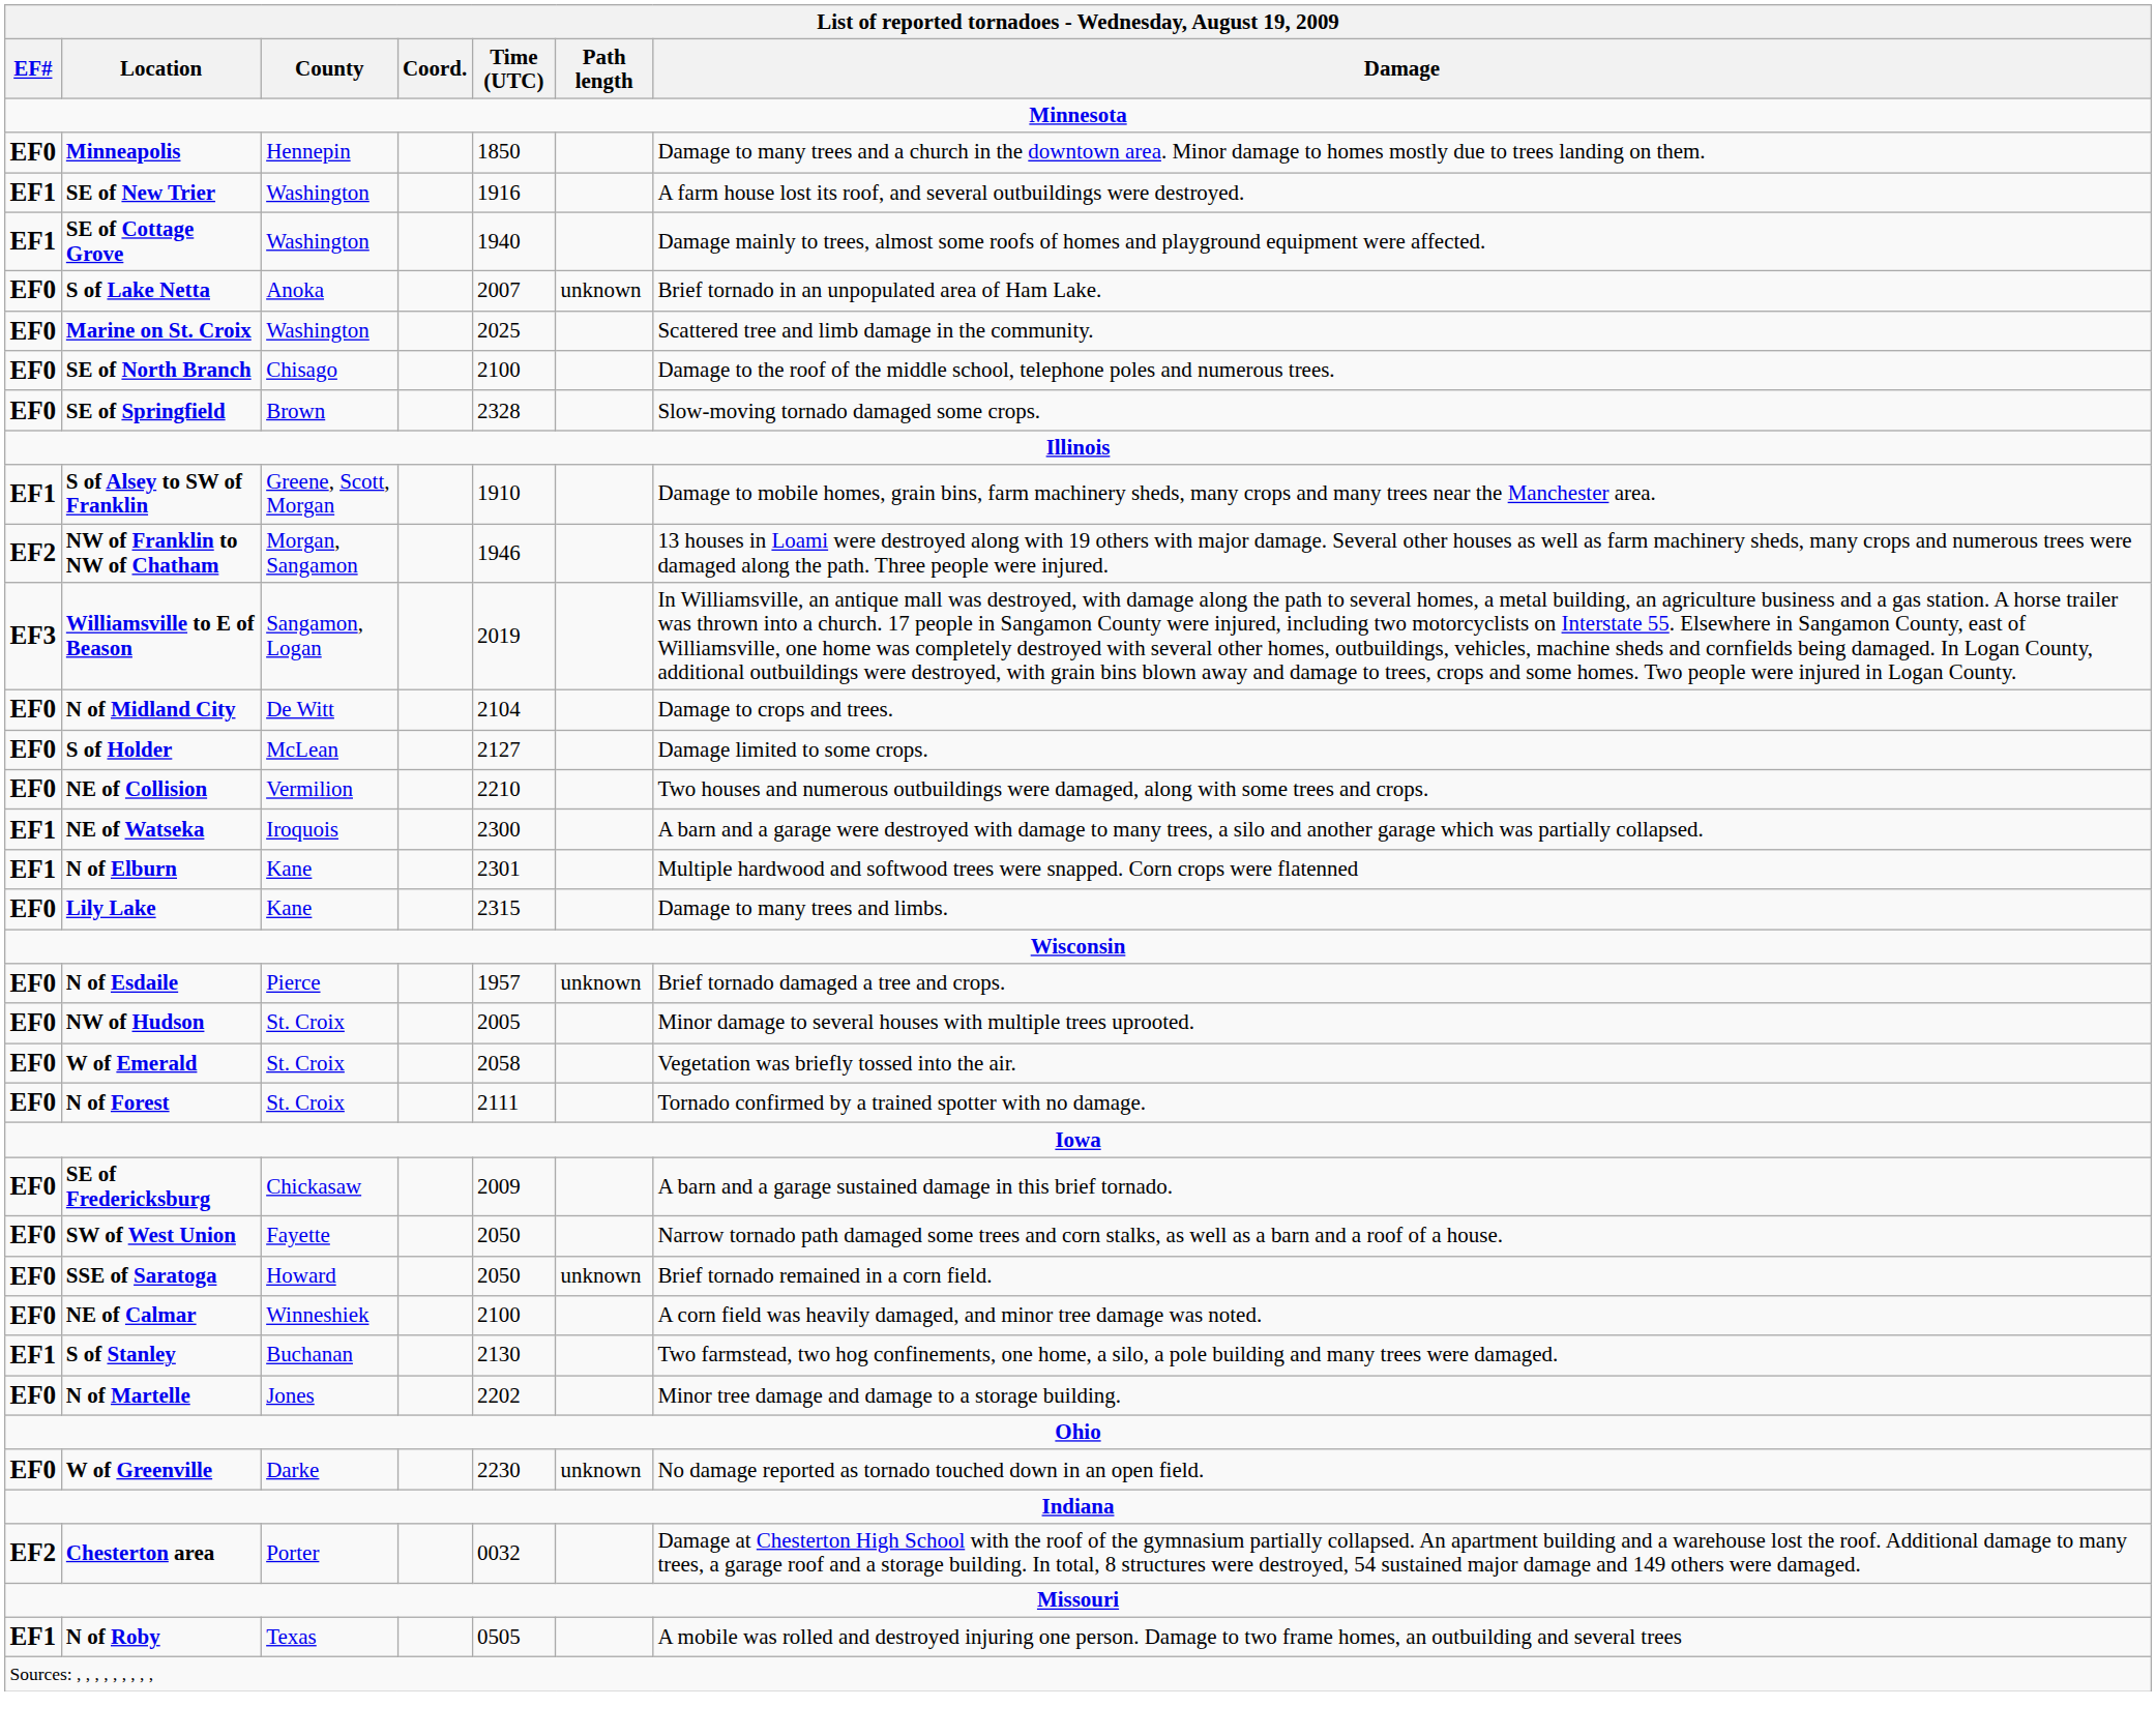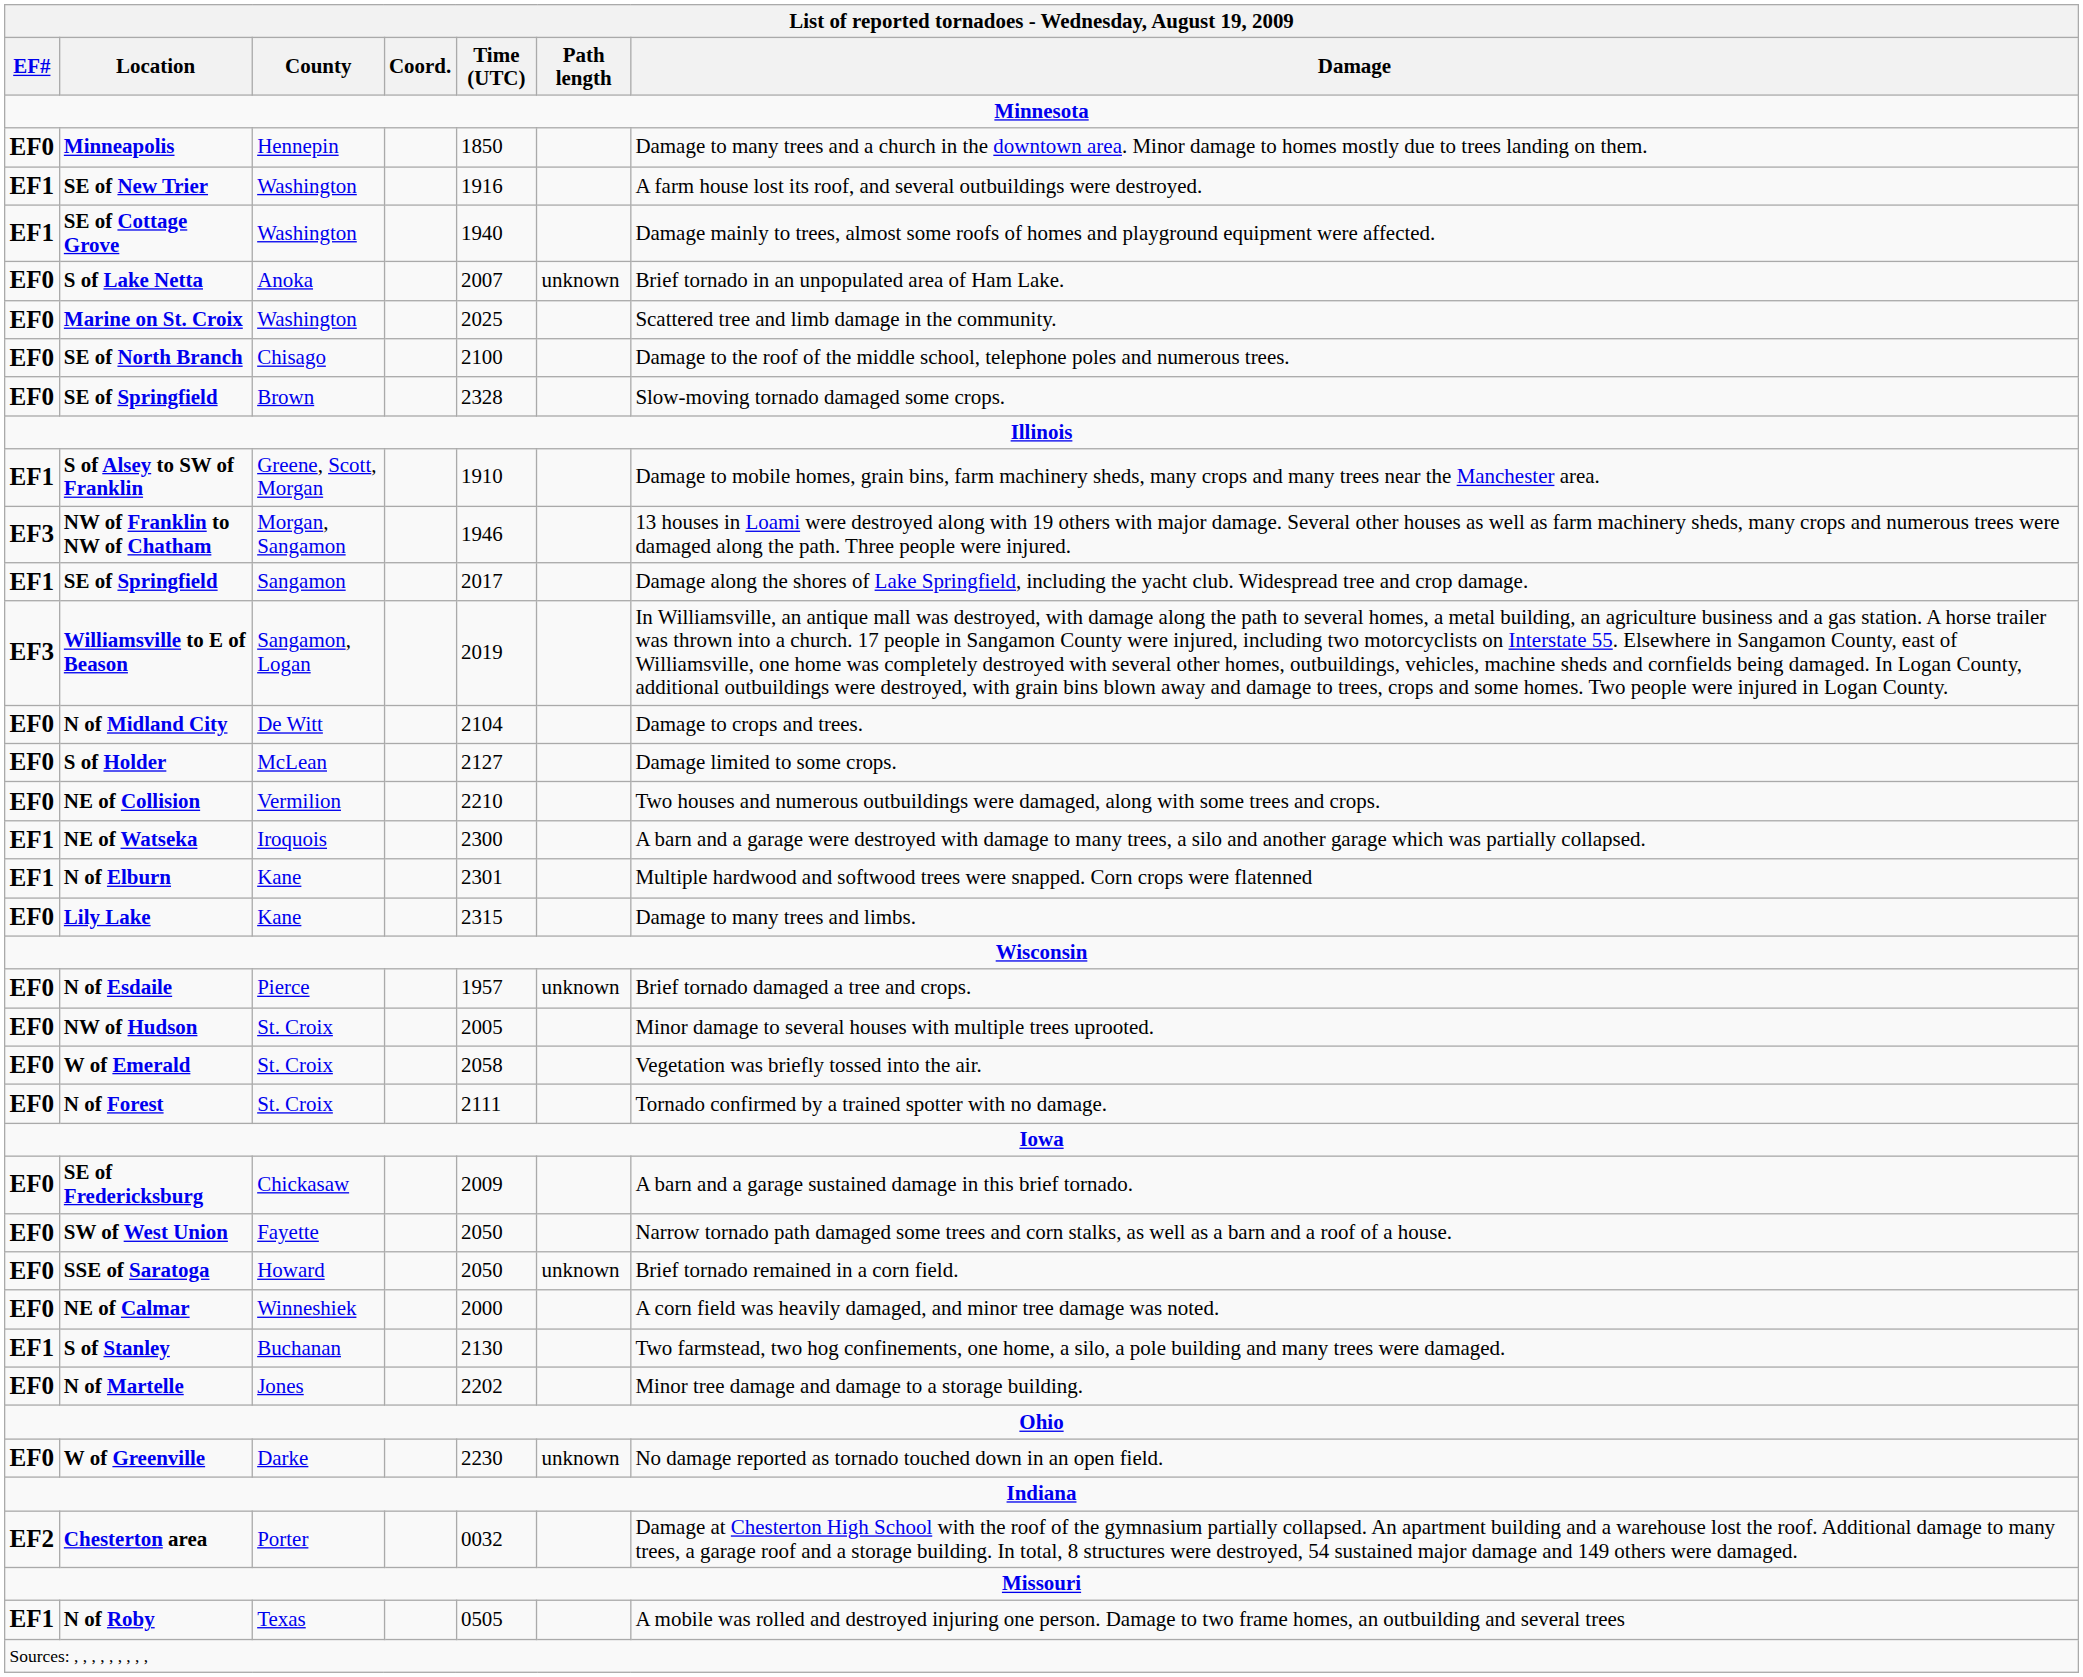 <table class="wikitable collapsible" style="width:100%;">
 <tr>
 <th colspan="7">List of reported tornadoes - Wednesday, August 19, 2009</th>
 </tr>
 <tr>
 <th><a href='#'>EF#</a></th>
 <th>Location</th>
 <th>County</th>
 <th>Coord.</th>
 <th>Time (UTC)</th>
 <th>Path length</th>
 <th>Damage</th>
 </tr>
 <tr>
 <td colspan="7" style="text-align:center;"><strong><a href='#'>Minnesota</a></strong></td>
 </tr>
 <tr>
 <td><big><strong>EF0</strong></big></td>
 <td><strong><a href='#'>Minneapolis</a></strong></td>
 <td><a href='#'>Hennepin</a></td>
 <td></td>
 <td>1850</td>
 <td></td>
 <td>Damage to many trees and a church in the <a href='#'>downtown area</a>. Minor damage to homes mostly due to trees landing on them.</td>
 </tr>
 <tr>
 <td><big><strong>EF1</strong></big></td>
 <td><strong>SE of <a href='#'>New Trier</a></strong></td>
 <td><a href='#'>Washington</a></td>
 <td></td>
 <td>1916</td>
 <td></td>
 <td>A farm house lost its roof, and several outbuildings were destroyed.</td>
 </tr>
 <tr>
 <td><big><strong>EF1</strong></big></td>
 <td><strong>SE of <a href='#'>Cottage Grove</a></strong></td>
 <td><a href='#'>Washington</a></td>
 <td></td>
 <td>1940</td>
 <td></td>
 <td>Damage mainly to trees, almost some roofs of homes and playground equipment were affected.</td>
 </tr>
 <tr>
 <td><big><strong>EF0</strong></big></td>
 <td><strong>S of <a href='#'>Lake Netta</a></strong></td>
 <td><a href='#'>Anoka</a></td>
 <td></td>
 <td>2007</td>
 <td>unknown</td>
 <td>Brief tornado in an unpopulated area of Ham Lake.</td>
 </tr>
 <tr>
 <td><big><strong>EF0</strong></big></td>
 <td><strong><a href='#'>Marine on St. Croix</a></strong></td>
 <td><a href='#'>Washington</a></td>
 <td></td>
 <td>2025</td>
 <td></td>
 <td>Scattered tree and limb damage in the community.</td>
 </tr>
 <tr>
 <td><big><strong>EF0</strong></big></td>
 <td><strong>SE of <a href='#'>North Branch</a></strong></td>
 <td><a href='#'>Chisago</a></td>
 <td></td>
 <td>2100</td>
 <td></td>
 <td>Damage to the roof of the middle school, telephone poles and numerous trees.</td>
 </tr>
 <tr>
 <td><big><strong>EF0</strong></big></td>
 <td><strong>SE of <a href='#'>Springfield</a></strong></td>
 <td><a href='#'>Brown</a></td>
 <td></td>
 <td>2328</td>
 <td></td>
 <td>Slow-moving tornado damaged some crops.</td>
 </tr>
 <tr>
 <td colspan="7" style="text-align:center;"><strong><a href='#'>Illinois</a></strong></td>
 </tr>
 <tr>
 <td><big><strong>EF1</strong></big></td>
 <td><strong>S of <a href='#'>Alsey</a> to SW of <a href='#'>Franklin</a></strong></td>
 <td><a href='#'>Greene</a>, <a href='#'>Scott</a>, <a href='#'>Morgan</a></td>
 <td></td>
 <td>1910</td>
 <td></td>
 <td>Damage to mobile homes, grain bins, farm machinery sheds, many crops and many trees near the <a href='#'>Manchester</a> area.</td>
 </tr>
 <tr>
-<td><big><strong>EF2</strong></big></td>
+<td><big><strong>EF3</strong></big></td>
 <td><strong>NW of <a href='#'>Franklin</a> to NW of <a href='#'>Chatham</a></strong></td>
 <td><a href='#'>Morgan</a>, <a href='#'>Sangamon</a></td>
 <td></td>
 <td>1946</td>
 <td></td>
 <td>13 houses in <a href='#'>Loami</a> were destroyed along with 19 others with major damage. Several other houses as well as farm machinery sheds, many crops and numerous trees were damaged along the path. Three people were injured.</td>
+</tr>
+<tr>
+<td><big><strong>EF1</strong></big></td>
+<td><strong>SE of <a href='#'>Springfield</a></strong></td>
+<td><a href='#'>Sangamon</a></td>
+<td></td>
+<td>2017</td>
+<td></td>
+<td>Damage along the shores of <a href='#'>Lake Springfield</a>, including the yacht club. Widespread tree and crop damage.</td>
 </tr>
 <tr>
 <td><big><strong>EF3</strong></big></td>
 <td><strong><a href='#'>Williamsville</a> to E of <a href='#'>Beason</a></strong></td>
 <td><a href='#'>Sangamon</a>, <a href='#'>Logan</a></td>
 <td></td>
 <td>2019</td>
 <td></td>
 <td>In Williamsville, an antique mall was destroyed, with damage along the path to several homes, a metal building, an agriculture business and a gas station. A horse trailer was thrown into a church. 17 people in Sangamon County were injured, including two motorcyclists on <a href='#'>Interstate 55</a>. Elsewhere in Sangamon County, east of Williamsville, one home was completely destroyed with several other homes, outbuildings, vehicles, machine sheds and cornfields being damaged. In Logan County, additional outbuildings were destroyed, with grain bins blown away and damage to trees, crops and some homes. Two people were injured in Logan County.</td>
 </tr>
 <tr>
 <td><big><strong>EF0</strong></big></td>
 <td><strong>N of <a href='#'>Midland City</a></strong></td>
 <td><a href='#'>De Witt</a></td>
 <td></td>
 <td>2104</td>
 <td></td>
 <td>Damage to crops and trees.</td>
 </tr>
 <tr>
 <td><big><strong>EF0</strong></big></td>
 <td><strong>S of <a href='#'>Holder</a></strong></td>
 <td><a href='#'>McLean</a></td>
 <td></td>
 <td>2127</td>
 <td></td>
 <td>Damage limited to some crops.</td>
 </tr>
 <tr>
 <td><big><strong>EF0</strong></big></td>
 <td><strong>NE of <a href='#'>Collision</a></strong></td>
 <td><a href='#'>Vermilion</a></td>
 <td></td>
 <td>2210</td>
 <td></td>
 <td>Two houses and numerous outbuildings were damaged, along with some trees and crops.</td>
 </tr>
 <tr>
 <td><big><strong>EF1</strong></big></td>
 <td><strong>NE of <a href='#'>Watseka</a></strong></td>
 <td><a href='#'>Iroquois</a></td>
 <td></td>
 <td>2300</td>
 <td></td>
 <td>A barn and a garage were destroyed with damage to many trees, a silo and another garage which was partially collapsed.</td>
 </tr>
 <tr>
 <td><big><strong>EF1</strong></big></td>
 <td><strong>N of <a href='#'>Elburn</a></strong></td>
 <td><a href='#'>Kane</a></td>
 <td></td>
 <td>2301</td>
 <td></td>
 <td>Multiple hardwood and softwood trees were snapped. Corn crops were flatenned</td>
 </tr>
 <tr>
 <td><big><strong>EF0</strong></big></td>
 <td><strong><a href='#'>Lily Lake</a></strong></td>
 <td><a href='#'>Kane</a></td>
 <td></td>
 <td>2315</td>
 <td></td>
 <td>Damage to many trees and limbs.</td>
 </tr>
 <tr>
 <td colspan="7" style="text-align:center;"><strong><a href='#'>Wisconsin</a></strong></td>
 </tr>
 <tr>
 <td><big><strong>EF0</strong></big></td>
 <td><strong>N of <a href='#'>Esdaile</a></strong></td>
 <td><a href='#'>Pierce</a></td>
 <td></td>
 <td>1957</td>
 <td>unknown</td>
 <td>Brief tornado damaged a tree and crops.</td>
 </tr>
 <tr>
 <td><big><strong>EF0</strong></big></td>
 <td><strong>NW of <a href='#'>Hudson</a></strong></td>
 <td><a href='#'>St. Croix</a></td>
 <td></td>
 <td>2005</td>
 <td></td>
 <td>Minor damage to several houses with multiple trees uprooted.</td>
 </tr>
 <tr>
 <td><big><strong>EF0</strong></big></td>
 <td><strong>W of <a href='#'>Emerald</a></strong></td>
 <td><a href='#'>St. Croix</a></td>
 <td></td>
 <td>2058</td>
 <td></td>
 <td>Vegetation was briefly tossed into the air.</td>
 </tr>
 <tr>
 <td><big><strong>EF0</strong></big></td>
 <td><strong>N of <a href='#'>Forest</a></strong></td>
 <td><a href='#'>St. Croix</a></td>
 <td></td>
 <td>2111</td>
 <td></td>
 <td>Tornado confirmed by a trained spotter with no damage.</td>
 </tr>
 <tr>
 <td colspan="7" style="text-align:center;"><strong><a href='#'>Iowa</a></strong></td>
 </tr>
 <tr>
 <td><big><strong>EF0</strong></big></td>
 <td><strong>SE of <a href='#'>Fredericksburg</a></strong></td>
 <td><a href='#'>Chickasaw</a></td>
 <td></td>
 <td>2009</td>
 <td></td>
 <td>A barn and a garage sustained damage in this brief tornado.</td>
 </tr>
 <tr>
 <td><big><strong>EF0</strong></big></td>
 <td><strong>SW of <a href='#'>West Union</a></strong></td>
 <td><a href='#'>Fayette</a></td>
 <td></td>
 <td>2050</td>
 <td></td>
 <td>Narrow tornado path damaged some trees and corn stalks, as well as a barn and a roof of a house.</td>
 </tr>
 <tr>
 <td><big><strong>EF0</strong></big></td>
 <td><strong>SSE of <a href='#'>Saratoga</a></strong></td>
 <td><a href='#'>Howard</a></td>
 <td></td>
 <td>2050</td>
 <td>unknown</td>
 <td>Brief tornado remained in a corn field.</td>
 </tr>
 <tr>
 <td><big><strong>EF0</strong></big></td>
 <td><strong>NE of <a href='#'>Calmar</a></strong></td>
 <td><a href='#'>Winneshiek</a></td>
 <td></td>
-<td>2100</td>
+<td>2000</td>
 <td></td>
 <td>A corn field was heavily damaged, and minor tree damage was noted.</td>
 </tr>
 <tr>
 <td><big><strong>EF1</strong></big></td>
 <td><strong>S of <a href='#'>Stanley</a></strong></td>
 <td><a href='#'>Buchanan</a></td>
 <td></td>
 <td>2130</td>
 <td></td>
 <td>Two farmstead, two hog confinements, one home, a silo, a pole building and many trees were damaged.</td>
 </tr>
 <tr>
 <td><big><strong>EF0</strong></big></td>
 <td><strong>N of <a href='#'>Martelle</a></strong></td>
 <td><a href='#'>Jones</a></td>
 <td></td>
 <td>2202</td>
 <td></td>
 <td>Minor tree damage and damage to a storage building.</td>
 </tr>
 <tr>
 <td colspan="7" style="text-align:center;"><strong><a href='#'>Ohio</a></strong></td>
 </tr>
 <tr>
 <td><big><strong>EF0</strong></big></td>
 <td><strong>W of <a href='#'>Greenville</a></strong></td>
 <td><a href='#'>Darke</a></td>
 <td></td>
 <td>2230</td>
 <td>unknown</td>
 <td>No damage reported as tornado touched down in an open field.</td>
 </tr>
 <tr>
 <td colspan="7" style="text-align:center;"><strong><a href='#'>Indiana</a></strong></td>
 </tr>
 <tr>
 <td><big><strong>EF2</strong></big></td>
 <td><strong><a href='#'>Chesterton</a> area</strong></td>
 <td><a href='#'>Porter</a></td>
 <td></td>
 <td>0032</td>
 <td></td>
 <td>Damage at <a href='#'>Chesterton High School</a> with the roof of the gymnasium partially collapsed. An apartment building and a warehouse lost the roof. Additional damage to many trees, a garage roof and a storage building. In total, 8 structures were destroyed, 54 sustained major damage and 149 others were damaged.</td>
 </tr>
 <tr>
 <td colspan="7" style="text-align:center;"><strong><a href='#'>Missouri</a></strong></td>
 </tr>
 <tr>
 <td><big><strong>EF1</strong></big></td>
 <td><strong>N of <a href='#'>Roby</a></strong></td>
 <td><a href='#'>Texas</a></td>
 <td></td>
 <td>0505</td>
 <td></td>
 <td>A mobile was rolled and destroyed injuring one person. Damage to two frame homes, an outbuilding and several trees</td>
 </tr>
 <tr>
 <td colspan="7"><small>Sources: , , , , , , , , , </small></td>
 </tr>
 </table>
